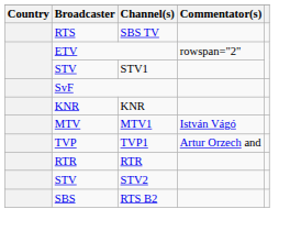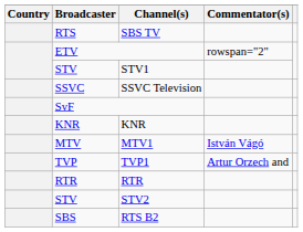 <table class="wikitable plainrowheaders">
 <tr>
 </tr>
 <tr>
 <th scope="col">Country</th>
 <th scope="col">Broadcaster</th>
 <th scope="col">Channel(s)</th>
 <th scope="col">Commentator(s)</th>
 <th scope="col"></th>
 </tr>
 <tr>
 <th scope="row"></th>
 <td><a href='#'>RTS</a></td>
 <td><a href='#'>SBS TV</a></td>
 <td></td>
 <td style="text-align:center"></td>
 </tr>
 <tr>
 <th scope="row" rowspan="2"></th>
 <td colspan="2"><a href='#'>ETV</a></td>
 <td>rowspan="2" </td>
 <td rowspan="2" style="text-align:center"></td>
 </tr>
 <tr>
 <td><a href='#'>STV</a></td>
 <td>STV1</td>
+</tr>
+<tr>
+<th scope="row"></th>
+<td><a href='#'>SSVC</a></td>
+<td>SSVC Television</td>
+<td></td>
+<td style="text-align:center"></td>
 </tr>
 <tr>
 <th scope="row"></th>
 <td colspan="2"><a href='#'>SvF</a></td>
 <td></td>
 <td style="text-align:center"></td>
 </tr>
 <tr>
 <th scope="row"></th>
 <td><a href='#'>KNR</a></td>
 <td>KNR</td>
 <td></td>
 <td style="text-align:center"></td>
 </tr>
 <tr>
 <th scope="row"></th>
 <td><a href='#'>MTV</a></td>
 <td><a href='#'>MTV1</a></td>
 <td><a href='#'>István Vágó</a></td>
 <td style="text-align:center"></td>
 </tr>
 <tr>
 <th scope="row"></th>
 <td><a href='#'>TVP</a></td>
 <td><a href='#'>TVP1</a></td>
 <td><a href='#'>Artur Orzech</a> and </td>
 <td style="text-align:center"></td>
 </tr>
 <tr>
 <th scope="row"></th>
 <td><a href='#'>RTR</a></td>
 <td><a href='#'>RTR</a></td>
 <td></td>
 <td style="text-align:center"></td>
 </tr>
 <tr>
 <th scope="row"></th>
 <td><a href='#'>STV</a></td>
 <td><a href='#'>STV2</a></td>
 <td></td>
 <td style="text-align:center"></td>
 </tr>
 <tr>
 <th scope="row"></th>
 <td><a href='#'>SBS</a></td>
 <td><a href='#'>RTS B2</a></td>
 <td></td>
 <td style="text-align:center"></td>
 </tr>
 </table>
